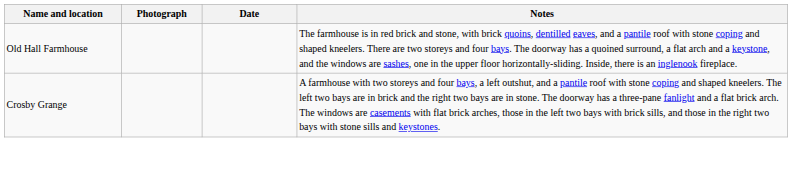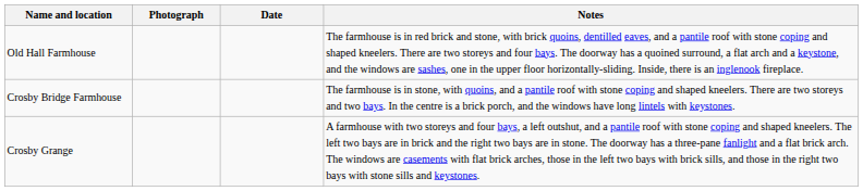 <table class="wikitable sortable plainrowheaders" style="width:100%;border:0px;text-align:left;line-height:150%;">
 <tr>
 <th scope="col"  style="width:150px">Name and location</th>
 <th scope="col"  style="width:100px" class="unsortable">Photograph</th>
 <th scope="col"  style="width:120px">Date</th>
 <th scope="col"  style="width:650px" class="unsortable">Notes</th>
 </tr>
 <tr>
 <td>Old Hall Farmhouse<br><small></small></td>
 <td></td>
 <td align="center"></td>
 <td>The farmhouse is in red brick and stone, with brick <a href='#'>quoins</a>, <a href='#'>dentilled</a> <a href='#'>eaves</a>, and a <a href='#'>pantile</a> roof with stone <a href='#'>coping</a> and shaped kneelers.  There are two storeys and four <a href='#'>bays</a>.  The doorway has a quoined surround, a flat arch and a <a href='#'>keystone</a>, and the windows are <a href='#'>sashes</a>, one in the upper floor horizontally-sliding.  Inside, there is an <a href='#'>inglenook</a> fireplace.</td>
 </tr>
 <tr>
+<td>Crosby Bridge Farmhouse<br><small></small></td>
+<td></td>
+<td align="center"></td>
+<td>The farmhouse is in stone, with <a href='#'>quoins</a>, and a <a href='#'>pantile</a> roof with stone <a href='#'>coping</a> and shaped kneelers.  There are two storeys and two <a href='#'>bays</a>.  In the centre is a brick porch, and the windows have long <a href='#'>lintels</a> with <a href='#'>keystones</a>.</td>
+</tr>
+<tr>
 <td>Crosby Grange<br><small></small></td>
 <td></td>
 <td align="center"></td>
 <td>A farmhouse with two storeys and four <a href='#'>bays</a>, a left outshut, and a <a href='#'>pantile</a> roof with stone <a href='#'>coping</a> and shaped kneelers.  The left two bays are in brick and the right two bays are in stone.  The doorway has a three-pane <a href='#'>fanlight</a> and a flat brick arch.  The windows are <a href='#'>casements</a> with flat brick arches, those in the left two bays with brick sills, and those in the right two bays with stone sills and <a href='#'>keystones</a>.</td>
 </tr>
 <tr>
 </tr>
 </table>
